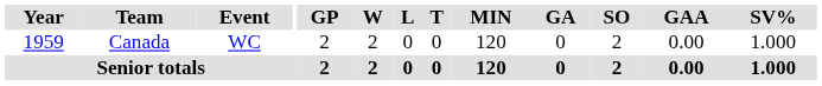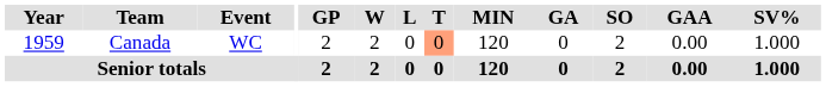 <table border="0" cellpadding="1" cellspacing="0" ID="Table3" style="text-align:center; width:40em">
 <tr ALIGN="center" bgcolor="#e0e0e0">
 <th>Year</th>
 <th>Team</th>
 <th>Event</th>
 <th rowspan="99" bgcolor="#ffffff"></th>
 <th>GP</th>
 <th>W</th>
 <th>L</th>
 <th>T</th>
 <th>MIN</th>
 <th>GA</th>
 <th>SO</th>
 <th>GAA</th>
 <th>SV%</th>
 </tr>
 <tr>
 <td><a href='#'>1959</a></td>
 <td><a href='#'>Canada</a></td>
 <td><a href='#'>WC</a></td>
 <td>2</td>
 <td>2</td>
 <td>0</td>
-<td>0</td>
+<td style="background: lightsalmon;">0</td>
 <td>120</td>
 <td>0</td>
 <td>2</td>
 <td>0.00</td>
 <td>1.000</td>
 </tr>
 <tr bgcolor="#e0e0e0">
 <th colspan=4>Senior totals</th>
 <th>2</th>
 <th>2</th>
 <th>0</th>
 <th>0</th>
 <th>120</th>
 <th>0</th>
 <th>2</th>
 <th>0.00</th>
 <th>1.000</th>
 </tr>
 </table>
